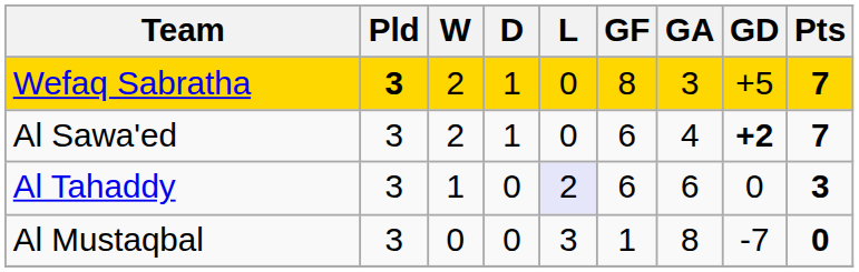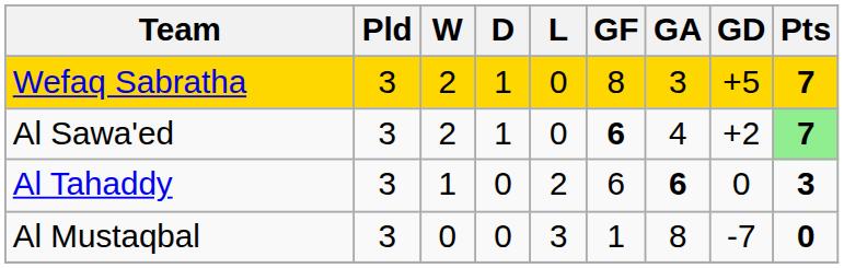 <table class="wikitable" style="text-align:center;">
 <tr>
 <th width=165>Team</th>
 <th width=20>Pld</th>
 <th width=20>W</th>
 <th width=20>D</th>
 <th width=20>L</th>
 <th width=20>GF</th>
 <th width=20>GA</th>
 <th width=20>GD</th>
 <th width=20>Pts</th>
 </tr>
 <tr style="background: #FFD700;">
 <td style="text-align:left;"><a href='#'>Wefaq Sabratha</a></td>
-<td><strong>3</strong></td>
+<td>3</td>
 <td>2</td>
 <td>1</td>
 <td>0</td>
 <td>8</td>
 <td>3</td>
 <td>+5</td>
 <td><strong>7</strong></td>
 </tr>
 <tr>
 <td style="text-align:left;">Al Sawa'ed</td>
 <td>3</td>
 <td>2</td>
 <td>1</td>
 <td>0</td>
-<td>6</td>
+<td><strong>6</strong></td>
 <td>4</td>
-<td><strong>+2</strong></td>
-<td><strong>7</strong></td>
+<td>+2</td>
+<td style="background: lightgreen;"><strong>7</strong></td>
 </tr>
 <tr>
 <td style="text-align:left;"><a href='#'>Al Tahaddy</a></td>
 <td>3</td>
 <td>1</td>
 <td>0</td>
-<td style="background: lavender;">2</td>
+<td>2</td>
 <td>6</td>
-<td>6</td>
+<td><strong>6</strong></td>
 <td>0</td>
 <td><strong>3</strong></td>
 </tr>
 <tr>
 <td style="text-align:left;">Al Mustaqbal</td>
 <td>3</td>
 <td>0</td>
 <td>0</td>
 <td>3</td>
 <td>1</td>
 <td>8</td>
 <td>-7</td>
 <td><strong>0</strong></td>
 </tr>
 <tr>
 </tr>
 </table>
